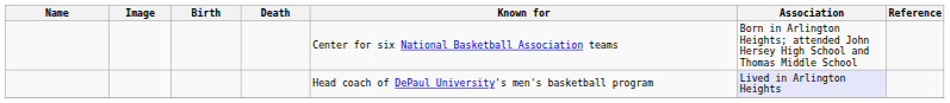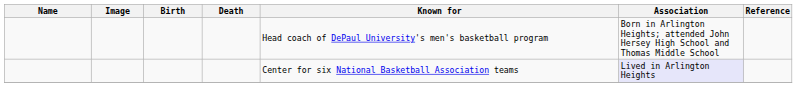 <table class="wikitable sortable">
 <tr>
 <th scope="col" width="140">Name</th>
 <th scope="col" width="80" class="unsortable">Image</th>
 <th scope="col" width="90">Birth</th>
 <th scope="col" width="90">Death</th>
 <th scope="col" width="600" class="unsortable">Known for</th>
 <th scope="col" width="200" class="unsortable">Association</th>
 <th scope="col" width="30" class="unsortable">Reference</th>
 </tr>
 <tr>
 <td></td>
 <td></td>
 <td align=right></td>
 <td></td>
-<td>Center for six <a href='#'>National Basketball Association</a> teams</td>
+<td>Head coach of <a href='#'>DePaul University</a>'s men's basketball program</td>
 <td>Born in Arlington Heights; attended John Hersey High School and Thomas Middle School</td>
 <td align="center"></td>
 </tr>
 <tr>
 <td></td>
 <td></td>
 <td align=right></td>
 <td align=right></td>
-<td>Head coach of <a href='#'>DePaul University</a>'s men's basketball program</td>
+<td>Center for six <a href='#'>National Basketball Association</a> teams</td>
 <td style="background: lavender;">Lived in Arlington Heights</td>
 <td align="center"></td>
 </tr>
 <tr>
 </tr>
 </table>
